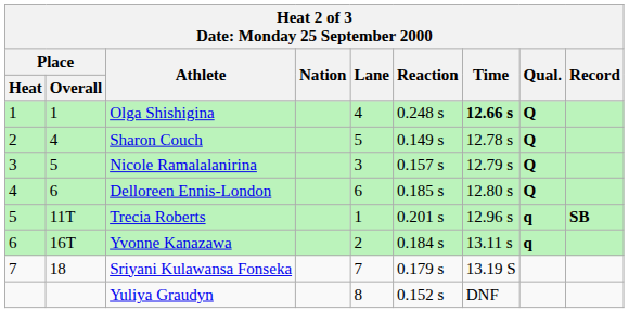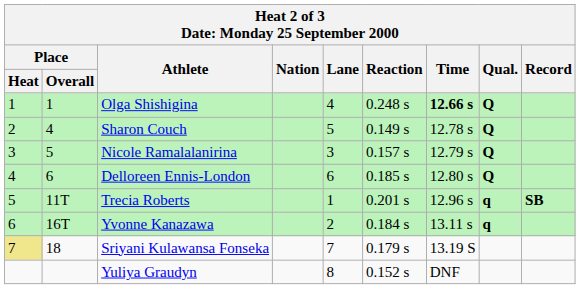 <table class="wikitable sortable">
 <tr>
 <th colspan=9>Heat 2 of 3 <br> Date: Monday 25 September 2000</th>
 </tr>
 <tr>
 <th colspan=2>Place</th>
 <th rowspan=2>Athlete</th>
 <th rowspan=2>Nation</th>
 <th rowspan=2>Lane</th>
 <th rowspan=2>Reaction</th>
 <th rowspan=2>Time</th>
 <th rowspan=2>Qual.</th>
 <th rowspan=2>Record</th>
 </tr>
 <tr>
 <th>Heat</th>
 <th>Overall</th>
 </tr>
 <tr bgcolor = "bbf3bb">
 <td>1</td>
 <td>1</td>
 <td align="left"><a href='#'>Olga Shishigina</a></td>
 <td align="left"></td>
 <td>4</td>
 <td>0.248 s</td>
 <td><strong>12.66 s</strong></td>
 <td><strong>Q</strong></td>
 <td></td>
 </tr>
 <tr bgcolor = "bbf3bb">
 <td>2</td>
 <td>4</td>
 <td align="left"><a href='#'>Sharon Couch</a></td>
 <td align="left"></td>
 <td>5</td>
 <td>0.149 s</td>
 <td>12.78 s</td>
 <td><strong>Q</strong></td>
 <td></td>
 </tr>
 <tr bgcolor = "bbf3bb">
 <td>3</td>
 <td>5</td>
 <td align="left"><a href='#'>Nicole Ramalalanirina</a></td>
 <td align="left"></td>
 <td>3</td>
 <td>0.157 s</td>
 <td>12.79 s</td>
 <td><strong>Q</strong></td>
 <td></td>
 </tr>
 <tr bgcolor = "bbf3bb">
 <td>4</td>
 <td>6</td>
 <td align="left"><a href='#'>Delloreen Ennis-London</a></td>
 <td align="left"></td>
 <td>6</td>
 <td>0.185 s</td>
 <td>12.80 s</td>
 <td><strong>Q</strong></td>
 <td></td>
 </tr>
 <tr bgcolor = "bbf3bb">
 <td>5</td>
 <td>11T</td>
 <td align="left"><a href='#'>Trecia Roberts</a></td>
 <td align="left"></td>
 <td>1</td>
 <td>0.201 s</td>
 <td>12.96 s</td>
 <td><strong>q</strong></td>
 <td><strong>SB</strong></td>
 </tr>
 <tr bgcolor = "bbf3bb">
 <td>6</td>
 <td>16T</td>
 <td align="left"><a href='#'>Yvonne Kanazawa</a></td>
 <td align="left"></td>
 <td>2</td>
 <td>0.184 s</td>
 <td>13.11 s</td>
 <td><strong>q</strong></td>
 <td></td>
 </tr>
 <tr>
-<td>7</td>
+<td style="background: khaki;">7</td>
 <td>18</td>
 <td align="left"><a href='#'>Sriyani Kulawansa Fonseka</a></td>
 <td align="left"></td>
 <td>7</td>
 <td>0.179 s</td>
 <td>13.19 S</td>
 <td></td>
 <td></td>
 </tr>
 <tr>
 <td></td>
 <td></td>
 <td align="left"><a href='#'>Yuliya Graudyn</a></td>
 <td align="left"></td>
 <td>8</td>
 <td>0.152 s</td>
 <td>DNF</td>
 <td></td>
 <td></td>
 </tr>
 </table>
